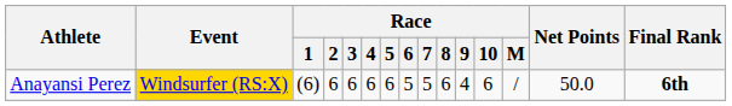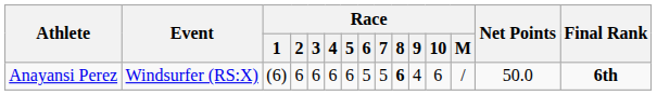 <table class="wikitable" style="font-size:90%">
 <tr>
 <th rowspan=2>Athlete</th>
 <th rowspan=2>Event</th>
 <th colspan=11>Race</th>
 <th rowspan=2>Net Points</th>
 <th rowspan=2>Final Rank</th>
 </tr>
 <tr>
 <th>1</th>
 <th>2</th>
 <th>3</th>
 <th>4</th>
 <th>5</th>
 <th>6</th>
 <th>7</th>
 <th>8</th>
 <th>9</th>
 <th>10</th>
 <th>M</th>
 </tr>
 <tr align=center>
 <td align=left><a href='#'>Anayansi Perez</a></td>
-<td align=left style="background: gold;"><a href='#'>Windsurfer (RS:X)</a></td>
+<td align=left><a href='#'>Windsurfer (RS:X)</a></td>
 <td>(6)</td>
 <td>6</td>
 <td>6</td>
 <td>6</td>
 <td>6</td>
 <td>5</td>
 <td>5</td>
-<td>6</td>
+<td><strong>6</strong></td>
 <td>4</td>
 <td>6</td>
 <td>/</td>
 <td>50.0</td>
 <td><strong>6th</strong></td>
 </tr>
 </table>
